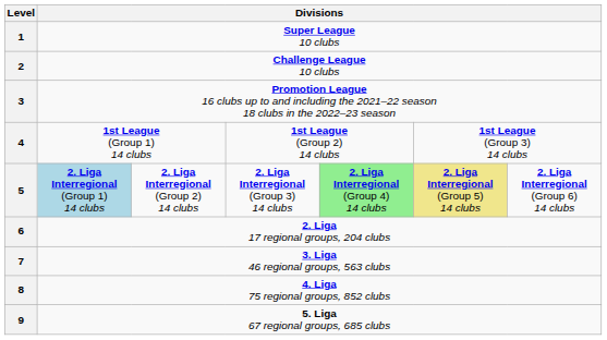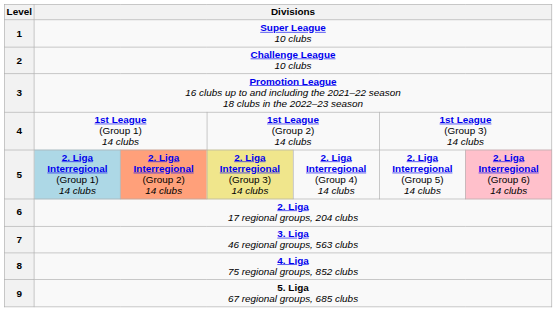 <table class="wikitable" style="text-align:center" width="100%">
 <tr>
 <th>Level</th>
 <th colspan="6">Divisions</th>
 </tr>
 <tr>
 <th>1</th>
 <td colspan="6" align="center"><strong><a href='#'>Super League</a></strong> <br> <em>10 clubs</em></td>
 </tr>
 <tr>
 <th>2</th>
 <td colspan="6" align="center"><strong><a href='#'>Challenge League</a></strong> <br> <em>10 clubs</em></td>
 </tr>
 <tr>
 <th>3</th>
 <td colspan="6" align="center"><strong><a href='#'>Promotion League</a></strong> <br> <em>16 clubs up to and including the 2021–22 season<br>18 clubs in the 2022–23 season</em></td>
 </tr>
 <tr>
 <th>4</th>
 <td colspan="2" align="center"><strong><a href='#'>1st League</a></strong> <br> (Group 1) <br> <em>14 clubs</em></td>
 <td colspan="2" align="center"><strong><a href='#'>1st League</a></strong> <br> (Group 2) <br> <em>14 clubs</em></td>
 <td colspan="2" align="center"><strong><a href='#'>1st League</a></strong> <br> (Group 3) <br> <em>14 clubs</em></td>
 </tr>
 <tr>
 <th>5</th>
 <td align="center" style="background: lightblue;"><strong><a href='#'>2. Liga Interregional</a></strong> <br> (Group 1) <br> <em>14 clubs</em></td>
-<td align="center"><strong><a href='#'>2. Liga Interregional</a></strong> <br> (Group 2) <br> <em>14 clubs</em></td>
-<td align="center"><strong><a href='#'>2. Liga Interregional</a></strong> <br> (Group 3) <br> <em>14 clubs</em></td>
-<td align="center" style="background: lightgreen;"><strong><a href='#'>2. Liga Interregional</a></strong> <br> (Group 4) <br> <em>14 clubs</em></td>
-<td align="center" style="background: khaki;"><strong><a href='#'>2. Liga Interregional</a></strong> <br> (Group 5) <br> <em>14 clubs</em></td>
-<td align="center"><strong><a href='#'>2. Liga Interregional</a></strong> <br> (Group 6) <br> <em>14 clubs</em></td>
+<td align="center" style="background: lightsalmon;"><strong><a href='#'>2. Liga Interregional</a></strong> <br> (Group 2) <br> <em>14 clubs</em></td>
+<td align="center" style="background: khaki;"><strong><a href='#'>2. Liga Interregional</a></strong> <br> (Group 3) <br> <em>14 clubs</em></td>
+<td align="center"><strong><a href='#'>2. Liga Interregional</a></strong> <br> (Group 4) <br> <em>14 clubs</em></td>
+<td align="center"><strong><a href='#'>2. Liga Interregional</a></strong> <br> (Group 5) <br> <em>14 clubs</em></td>
+<td align="center" style="background: pink;"><strong><a href='#'>2. Liga Interregional</a></strong> <br> (Group 6) <br> <em>14 clubs</em></td>
 </tr>
 <tr>
 <th>6</th>
 <td colspan="6" align="center"><strong><a href='#'>2. Liga</a></strong> <br> <em>17 regional groups, 204 clubs</em></td>
 </tr>
 <tr>
 <th>7</th>
 <td colspan="6" align="center"><strong><a href='#'>3. Liga</a></strong> <br> <em>46 regional groups, 563 clubs</em></td>
 </tr>
 <tr>
 <th>8</th>
 <td colspan="6" align="center"><strong><a href='#'>4. Liga</a></strong> <br> <em>75 regional groups, 852 clubs</em></td>
 </tr>
 <tr>
 <th>9</th>
 <td colspan="6" align="center"><strong>5. Liga</strong> <br> <em>67 regional groups, 685 clubs</em></td>
 </tr>
 </table>
